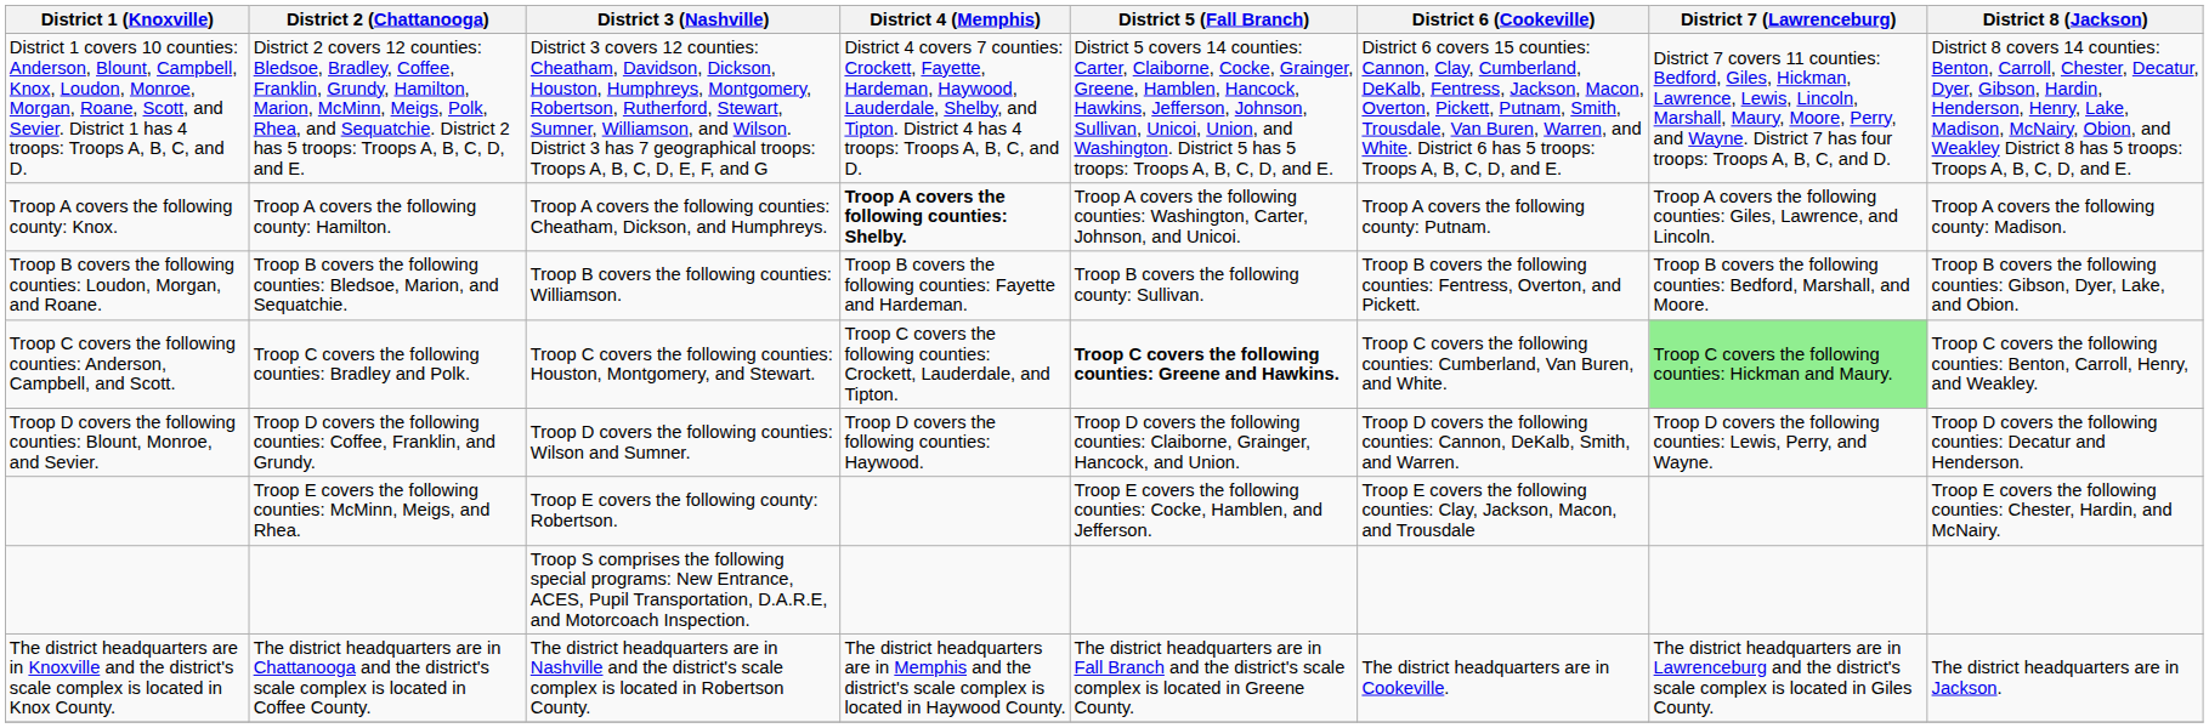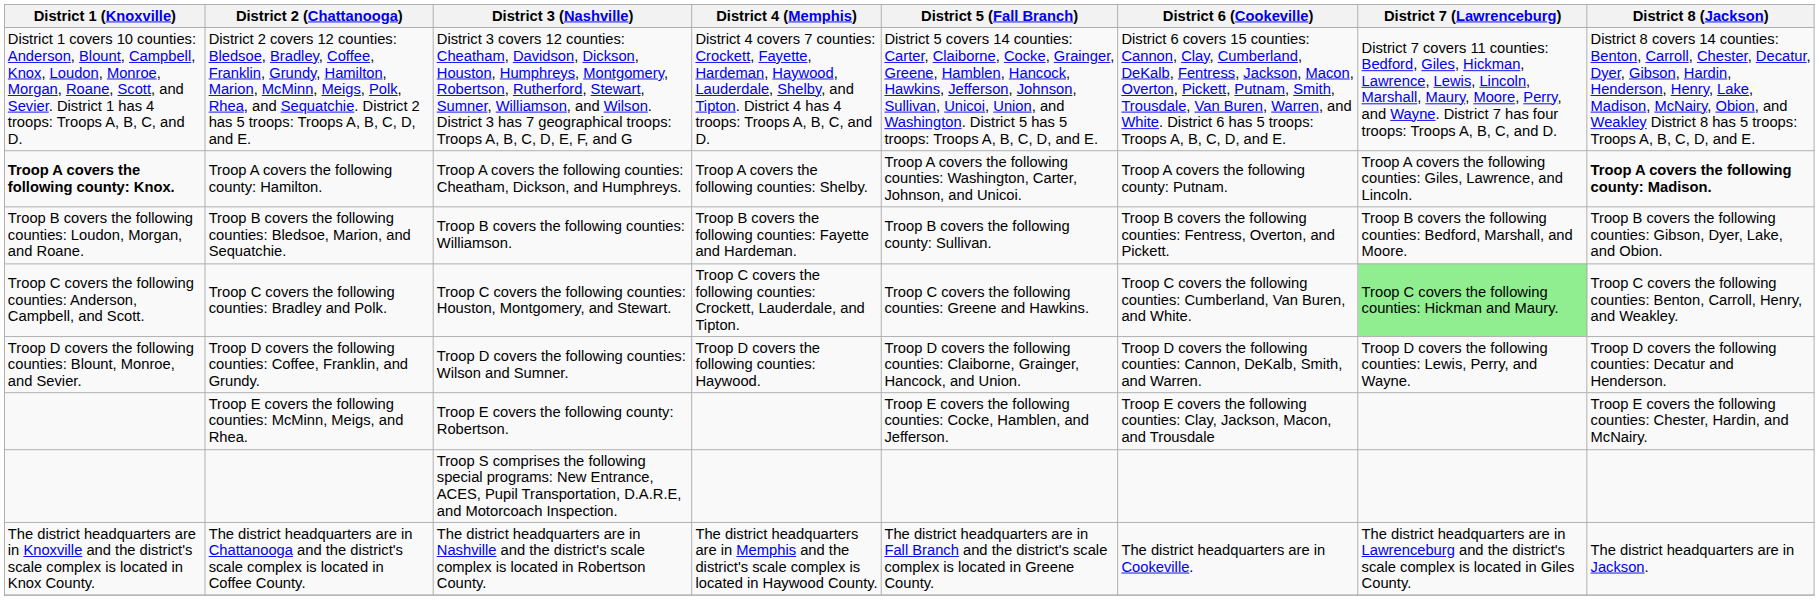 <table class="wikitable">
 <tr>
 <th scope="col">District 1 (<a href='#'>Knoxville</a>)</th>
 <th scope="col">District 2 (<a href='#'>Chattanooga</a>)</th>
 <th scope="col">District 3 (<a href='#'>Nashville</a>)</th>
 <th scope="col">District 4 (<a href='#'>Memphis</a>)</th>
 <th scope="col">District 5 (<a href='#'>Fall Branch</a>)</th>
 <th scope="col">District 6 (<a href='#'>Cookeville</a>)</th>
 <th scope="col">District 7 (<a href='#'>Lawrenceburg</a>)</th>
 <th scope="col">District 8 (<a href='#'>Jackson</a>)</th>
 </tr>
 <tr>
 <td>District 1 covers 10 counties: <a href='#'>Anderson</a>, <a href='#'>Blount</a>, <a href='#'>Campbell</a>, <a href='#'>Knox</a>, <a href='#'>Loudon</a>, <a href='#'>Monroe</a>, <a href='#'>Morgan</a>, <a href='#'>Roane</a>, <a href='#'>Scott</a>, and <a href='#'>Sevier</a>. District 1 has 4 troops: Troops A, B, C, and D.</td>
 <td>District 2 covers 12 counties: <a href='#'>Bledsoe</a>, <a href='#'>Bradley</a>, <a href='#'>Coffee</a>, <a href='#'>Franklin</a>, <a href='#'>Grundy</a>, <a href='#'>Hamilton</a>, <a href='#'>Marion</a>, <a href='#'>McMinn</a>, <a href='#'>Meigs</a>, <a href='#'>Polk</a>, <a href='#'>Rhea</a>, and <a href='#'>Sequatchie</a>. District 2 has 5 troops: Troops A, B, C, D, and E.</td>
 <td>District 3 covers 12 counties: <a href='#'>Cheatham</a>, <a href='#'>Davidson</a>, <a href='#'>Dickson</a>, <a href='#'>Houston</a>, <a href='#'>Humphreys</a>, <a href='#'>Montgomery</a>, <a href='#'>Robertson</a>, <a href='#'>Rutherford</a>, <a href='#'>Stewart</a>, <a href='#'>Sumner</a>, <a href='#'>Williamson</a>, and <a href='#'>Wilson</a>. District 3 has 7 geographical troops: Troops A, B, C, D, E, F, and G</td>
 <td>District 4 covers 7 counties: <a href='#'>Crockett</a>, <a href='#'>Fayette</a>, <a href='#'>Hardeman</a>, <a href='#'>Haywood</a>, <a href='#'>Lauderdale</a>, <a href='#'>Shelby</a>, and <a href='#'>Tipton</a>. District 4 has 4 troops: Troops A, B, C, and D.</td>
 <td>District 5 covers 14 counties: <a href='#'>Carter</a>, <a href='#'>Claiborne</a>, <a href='#'>Cocke</a>, <a href='#'>Grainger</a>, <a href='#'>Greene</a>, <a href='#'>Hamblen</a>, <a href='#'>Hancock</a>, <a href='#'>Hawkins</a>, <a href='#'>Jefferson</a>, <a href='#'>Johnson</a>, <a href='#'>Sullivan</a>, <a href='#'>Unicoi</a>, <a href='#'>Union</a>, and <a href='#'>Washington</a>. District 5 has 5 troops: Troops A, B, C, D, and E.</td>
 <td>District 6 covers 15 counties: <a href='#'>Cannon</a>, <a href='#'>Clay</a>, <a href='#'>Cumberland</a>, <a href='#'>DeKalb</a>, <a href='#'>Fentress</a>, <a href='#'>Jackson</a>, <a href='#'>Macon</a>, <a href='#'>Overton</a>, <a href='#'>Pickett</a>, <a href='#'>Putnam</a>, <a href='#'>Smith</a>, <a href='#'>Trousdale</a>, <a href='#'>Van Buren</a>, <a href='#'>Warren</a>, and <a href='#'>White</a>. District 6 has 5 troops: Troops A, B, C, D, and E.</td>
 <td>District 7 covers 11 counties: <a href='#'>Bedford</a>, <a href='#'>Giles</a>, <a href='#'>Hickman</a>, <a href='#'>Lawrence</a>, <a href='#'>Lewis</a>, <a href='#'>Lincoln</a>, <a href='#'>Marshall</a>, <a href='#'>Maury</a>, <a href='#'>Moore</a>, <a href='#'>Perry</a>, and <a href='#'>Wayne</a>. District 7 has four troops: Troops A, B, C, and D.</td>
 <td>District 8 covers 14 counties: <a href='#'>Benton</a>, <a href='#'>Carroll</a>, <a href='#'>Chester</a>, <a href='#'>Decatur</a>, <a href='#'>Dyer</a>, <a href='#'>Gibson</a>, <a href='#'>Hardin</a>, <a href='#'>Henderson</a>, <a href='#'>Henry</a>, <a href='#'>Lake</a>, <a href='#'>Madison</a>, <a href='#'>McNairy</a>, <a href='#'>Obion</a>, and <a href='#'>Weakley</a> District 8 has 5 troops: Troops A, B, C, D, and E.</td>
 </tr>
 <tr>
-<td>Troop A covers the following county: Knox.</td>
+<td><strong>Troop A covers the following county: Knox.</strong></td>
 <td>Troop A covers the following county: Hamilton.</td>
 <td>Troop A covers the following counties: Cheatham, Dickson, and Humphreys.</td>
-<td><strong>Troop A covers the following counties: Shelby.</strong></td>
+<td>Troop A covers the following counties: Shelby.</td>
 <td>Troop A covers the following counties: Washington, Carter, Johnson, and Unicoi.</td>
 <td>Troop A covers the following county: Putnam.</td>
 <td>Troop A covers the following counties: Giles, Lawrence, and Lincoln.</td>
-<td>Troop A covers the following county: Madison.</td>
+<td><strong>Troop A covers the following county: Madison.</strong></td>
 </tr>
 <tr>
 <td>Troop B covers the following counties: Loudon, Morgan, and Roane.</td>
 <td>Troop B covers the following counties: Bledsoe, Marion, and Sequatchie.</td>
 <td>Troop B covers the following counties: Williamson.</td>
 <td>Troop B covers the following counties: Fayette and Hardeman.</td>
 <td>Troop B covers the following county: Sullivan.</td>
 <td>Troop B covers the following counties: Fentress, Overton, and Pickett.</td>
 <td>Troop B covers the following counties: Bedford, Marshall, and Moore.</td>
 <td>Troop B covers the following counties: Gibson, Dyer, Lake, and Obion.</td>
 </tr>
 <tr>
 <td>Troop C covers the following counties: Anderson, Campbell, and Scott.</td>
 <td>Troop C covers the following counties: Bradley and Polk.</td>
 <td>Troop C covers the following counties: Houston, Montgomery, and Stewart.</td>
 <td>Troop C covers the following counties: Crockett, Lauderdale, and Tipton.</td>
-<td><strong>Troop C covers the following counties: Greene and Hawkins.</strong></td>
+<td>Troop C covers the following counties: Greene and Hawkins.</td>
 <td>Troop C covers the following counties: Cumberland, Van Buren, and White.</td>
 <td style="background: lightgreen;">Troop C covers the following counties: Hickman and Maury.</td>
 <td>Troop C covers the following counties: Benton, Carroll, Henry, and Weakley.</td>
 </tr>
 <tr>
 <td>Troop D covers the following counties: Blount, Monroe, and Sevier.</td>
 <td>Troop D covers the following counties: Coffee, Franklin, and Grundy.</td>
 <td>Troop D covers the following counties: Wilson and Sumner.</td>
 <td>Troop D covers the following counties: Haywood.</td>
 <td>Troop D covers the following counties: Claiborne, Grainger, Hancock, and Union.</td>
 <td>Troop D covers the following counties: Cannon, DeKalb, Smith, and Warren.</td>
 <td>Troop D covers the following counties: Lewis, Perry, and Wayne.</td>
 <td>Troop D covers the following counties: Decatur and Henderson.</td>
 </tr>
 <tr>
 <td></td>
 <td>Troop E covers the following counties: McMinn, Meigs, and Rhea.</td>
 <td>Troop E covers the following county: Robertson.</td>
 <td></td>
 <td>Troop E covers the following counties: Cocke, Hamblen, and Jefferson.</td>
 <td>Troop E covers the following counties: Clay, Jackson, Macon, and Trousdale</td>
 <td></td>
 <td>Troop E covers the following counties: Chester, Hardin, and McNairy.</td>
 </tr>
 <tr>
 <td></td>
 <td></td>
 <td>Troop S comprises the following special programs: New Entrance, ACES, Pupil Transportation, D.A.R.E, and Motorcoach Inspection.</td>
 <td></td>
 <td></td>
 <td></td>
 <td></td>
 <td></td>
 </tr>
 <tr>
 <td>The district headquarters are in <a href='#'>Knoxville</a> and the district's scale complex is located in Knox County.</td>
 <td>The district headquarters are in <a href='#'>Chattanooga</a> and the district's scale complex is located in Coffee County.</td>
 <td>The district headquarters are in <a href='#'>Nashville</a> and the district's scale complex is located in Robertson County.</td>
 <td>The district headquarters are in <a href='#'>Memphis</a> and the district's scale complex is located in Haywood County.</td>
 <td>The district headquarters are in <a href='#'>Fall Branch</a> and the district's scale complex is located in Greene County.</td>
 <td>The district headquarters are in <a href='#'>Cookeville</a>.</td>
 <td>The district headquarters are in <a href='#'>Lawrenceburg</a> and the district's scale complex is located in Giles County.</td>
 <td>The district headquarters are in <a href='#'>Jackson</a>.</td>
 </tr>
 <tr>
 </tr>
 </table>
